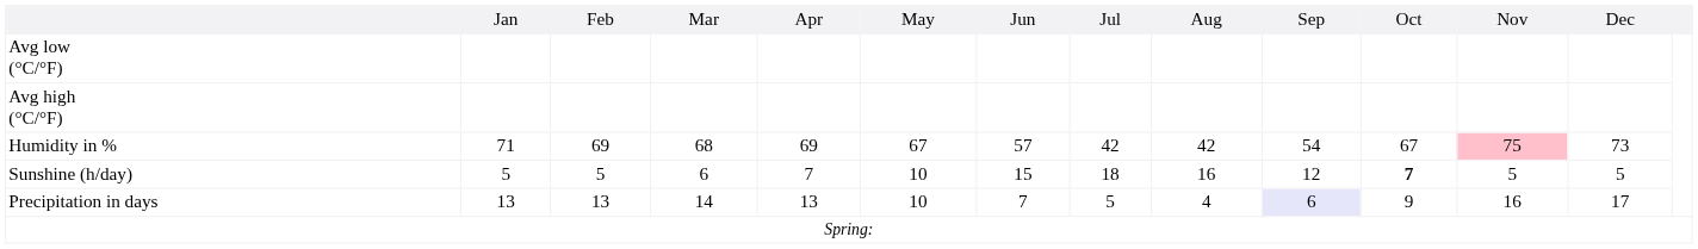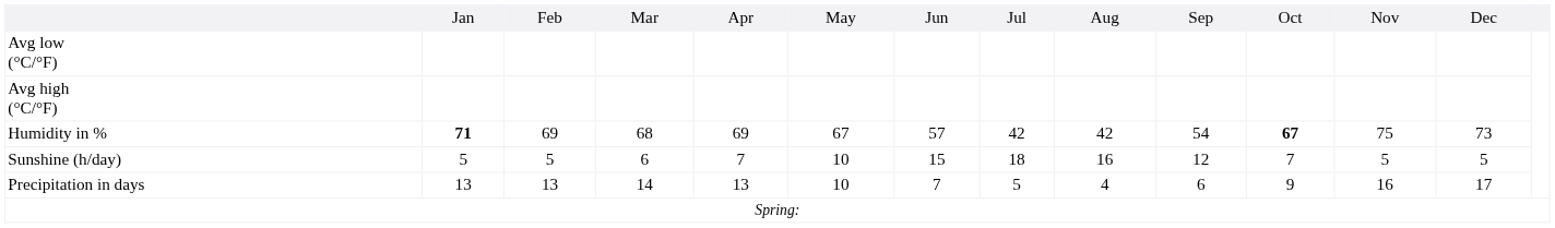 <table border="1" cellpadding="2" width="100%" style="border-collapse:collapse; border-color:#f2f2f4; margin-top:5px; margin-bottom:5px; font-size:85%; text-align:center;">
 <tr bgcolor="#f2f2f4">
 <td></td>
 <td>Jan</td>
 <td>Feb</td>
 <td>Mar</td>
 <td>Apr</td>
 <td>May</td>
 <td>Jun</td>
 <td>Jul</td>
 <td>Aug</td>
 <td>Sep</td>
 <td>Oct</td>
 <td>Nov</td>
 <td>Dec</td>
 <td></td>
 </tr>
 <tr>
 <td align="left">Avg low<br> (°C/°F)</td>
 <td></td>
 <td></td>
 <td></td>
 <td></td>
 <td></td>
 <td></td>
 <td></td>
 <td></td>
 <td></td>
 <td></td>
 <td></td>
 <td></td>
 </tr>
 <tr>
 <td align="left">Avg high<br> (°C/°F)</td>
 <td></td>
 <td></td>
 <td></td>
 <td></td>
 <td></td>
 <td></td>
 <td></td>
 <td></td>
 <td></td>
 <td></td>
 <td></td>
 <td></td>
 </tr>
 <tr>
 <td align="left">Humidity in %</td>
-<td>71</td>
+<td><strong>71</strong></td>
 <td>69</td>
 <td>68</td>
 <td>69</td>
 <td>67</td>
 <td>57</td>
 <td>42</td>
 <td>42</td>
 <td>54</td>
-<td>67</td>
-<td style="background: pink;">75</td>
+<td><strong>67</strong></td>
+<td>75</td>
 <td>73</td>
 </tr>
 <tr>
 <td align="left">Sunshine (h/day)</td>
 <td>5</td>
 <td>5</td>
 <td>6</td>
 <td>7</td>
 <td>10</td>
 <td>15</td>
 <td>18</td>
 <td>16</td>
 <td>12</td>
-<td><strong>7</strong></td>
+<td>7</td>
 <td>5</td>
 <td>5</td>
 </tr>
 <tr>
 <td align="left">Precipitation in days</td>
 <td>13</td>
 <td>13</td>
 <td>14</td>
 <td>13</td>
 <td>10</td>
 <td>7</td>
 <td>5</td>
 <td>4</td>
-<td style="background: lavender;">6</td>
+<td>6</td>
 <td>9</td>
 <td>16</td>
 <td>17</td>
 </tr>
 <tr>
 <td colspan="20" style="text-align:center;font-size:90%;"><em>Spring: </em></td>
 </tr>
 </table>
